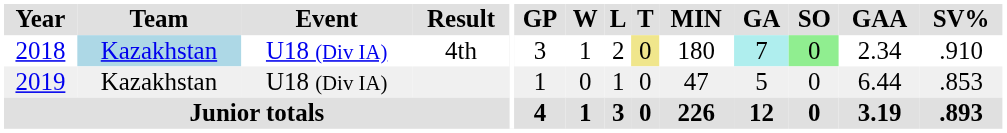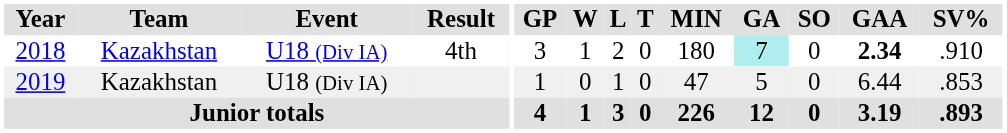 <table border="0" cellpadding="1" cellspacing="0" ID="Table3" style="text-align:center; width:40em;">
 <tr bgcolor="#e0e0e0">
 <th>Year</th>
 <th>Team</th>
 <th>Event</th>
 <th>Result</th>
 <th rowspan="99" bgcolor="#ffffff"></th>
 <th>GP</th>
 <th>W</th>
 <th>L</th>
 <th>T</th>
 <th>MIN</th>
 <th>GA</th>
 <th>SO</th>
 <th>GAA</th>
 <th>SV%</th>
 </tr>
 <tr>
 <td><a href='#'>2018</a></td>
-<td style="background: lightblue;"><a href='#'>Kazakhstan</a></td>
+<td><a href='#'>Kazakhstan</a></td>
 <td><a href='#'>U18 <small>(Div IA)</small></a></td>
 <td>4th</td>
 <td>3</td>
 <td>1</td>
 <td>2</td>
-<td style="background: khaki;">0</td>
+<td>0</td>
 <td>180</td>
 <td style="background: paleturquoise;">7</td>
-<td style="background: lightgreen;">0</td>
-<td>2.34</td>
+<td>0</td>
+<td><strong>2.34</strong></td>
 <td>.910</td>
 </tr>
 <tr bgcolor="f0f0f0">
 <td><a href='#'>2019</a></td>
 <td>Kazakhstan</td>
 <td>U18 <small>(Div IA)</small></td>
 <td></td>
 <td>1</td>
 <td>0</td>
 <td>1</td>
 <td>0</td>
 <td>47</td>
 <td>5</td>
 <td>0</td>
 <td>6.44</td>
 <td>.853</td>
 </tr>
 <tr bgcolor="e0e0e0">
 <th colspan="4">Junior totals</th>
 <th>4</th>
 <th>1</th>
 <th>3</th>
 <th>0</th>
 <th>226</th>
 <th>12</th>
 <th>0</th>
 <th>3.19</th>
 <th>.893</th>
 </tr>
 </table>
